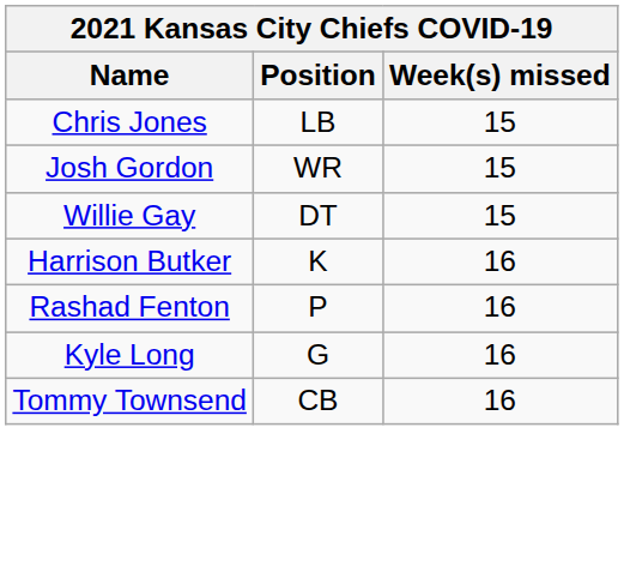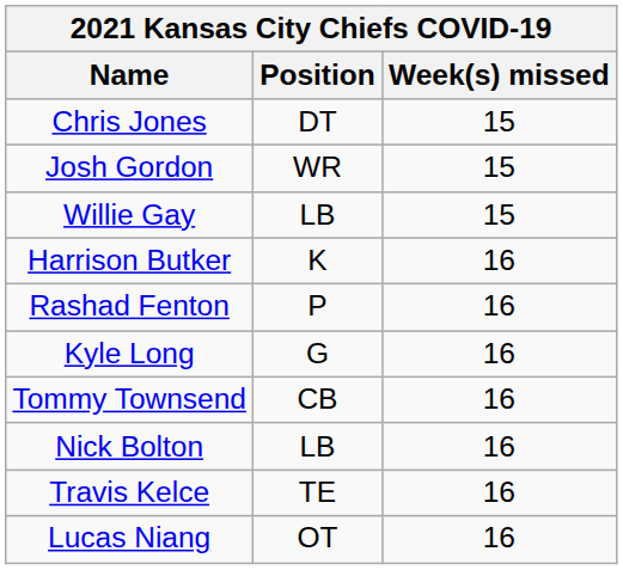 <table class="wikitable" style="text-align:center">
 <tr>
 <th colspan=3>2021 Kansas City Chiefs COVID-19</th>
 </tr>
 <tr>
 <th>Name</th>
 <th>Position</th>
 <th>Week(s) missed</th>
 </tr>
 <tr>
 <td><a href='#'>Chris Jones</a></td>
-<td>LB</td>
+<td>DT</td>
 <td>15</td>
 </tr>
 <tr>
 <td><a href='#'>Josh Gordon</a></td>
 <td>WR</td>
 <td>15</td>
 </tr>
 <tr>
 <td><a href='#'>Willie Gay</a></td>
-<td>DT</td>
+<td>LB</td>
 <td>15</td>
 </tr>
 <tr>
 <td><a href='#'>Harrison Butker</a></td>
 <td>K</td>
 <td>16</td>
 </tr>
 <tr>
 <td><a href='#'>Rashad Fenton</a></td>
 <td>P</td>
 <td>16</td>
 </tr>
 <tr>
 <td><a href='#'>Kyle Long</a></td>
 <td>G</td>
 <td>16</td>
 </tr>
 <tr>
 <td><a href='#'>Tommy Townsend</a></td>
 <td>CB</td>
 <td>16</td>
 </tr>
+<tr>
+<td><a href='#'>Nick Bolton</a></td>
+<td>LB</td>
+<td>16</td>
+</tr>
+<tr>
+<td><a href='#'>Travis Kelce</a></td>
+<td>TE</td>
+<td>16</td>
+</tr>
+<tr>
+<td><a href='#'>Lucas Niang</a></td>
+<td>OT</td>
+<td>16</td>
+</tr>
 </table>
